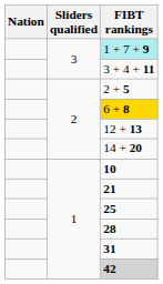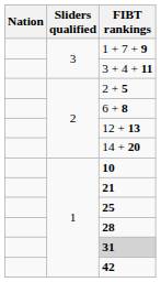 <table class="wikitable">
 <tr>
 <th>Nation</th>
 <th>Sliders<br>qualified</th>
 <th>FIBT<br>rankings</th>
 </tr>
 <tr>
 <td></td>
 <td rowspan = 2 align = "center">3</td>
-<td style="background: paleturquoise;">1 + 7 + <strong>9</strong></td>
+<td>1 + 7 + <strong>9</strong></td>
 </tr>
 <tr>
 <td></td>
 <td>3 + 4 + <strong>11</strong></td>
 </tr>
 <tr>
 <td></td>
 <td rowspan = 4 align = "center">2</td>
 <td>2 + <strong>5</strong></td>
 </tr>
 <tr>
 <td></td>
-<td style="background: gold;">6 + <strong>8</strong></td>
+<td>6 + <strong>8</strong></td>
 </tr>
 <tr>
 <td></td>
 <td>12 + <strong>13</strong></td>
 </tr>
 <tr>
 <td></td>
 <td>14 + <strong>20</strong></td>
 </tr>
 <tr>
 <td></td>
 <td rowspan = 6 align = "center">1</td>
 <td><strong>10</strong></td>
 </tr>
 <tr>
 <td></td>
 <td><strong>21</strong></td>
 </tr>
 <tr>
 <td></td>
 <td><strong>25</strong></td>
 </tr>
 <tr>
 <td></td>
 <td><strong>28</strong></td>
 </tr>
 <tr>
 <td></td>
-<td><strong>31</strong></td>
+<td style="background: lightgrey;"><strong>31</strong></td>
 </tr>
 <tr>
 <td></td>
-<td style="background: lightgrey;"><strong>42</strong></td>
+<td><strong>42</strong></td>
 </tr>
 </table>
